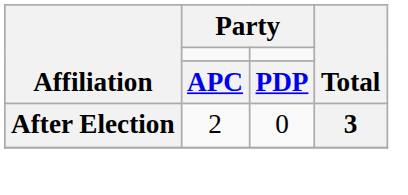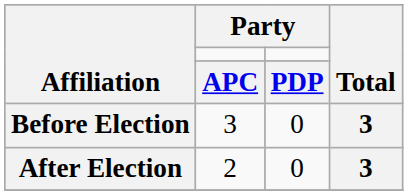 <table class=wikitable style="text-align:center">
 <tr style="vertical-align:bottom;">
 <th rowspan=3>Affiliation</th>
 <th colspan=2>Party</th>
 <th rowspan=3>Total</th>
 </tr>
 <tr>
 <td style="background-color:"></td>
 <td style="background-color:"></td>
 </tr>
 <tr>
 <th><a href='#'>APC</a></th>
 <th><a href='#'>PDP</a></th>
 </tr>
 <tr>
+<th>Before Election</th>
+<td>3</td>
+<td>0</td>
+<th>3</th>
+</tr>
+<tr>
 <th>After Election</th>
 <td>2</td>
 <td>0</td>
 <th>3</th>
 </tr>
 <tr>
 </tr>
 </table>
